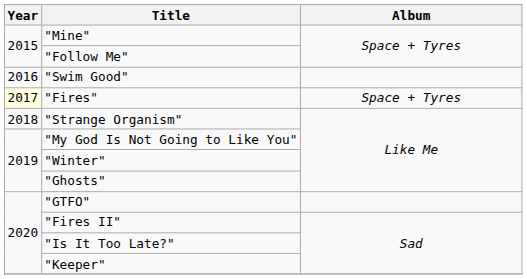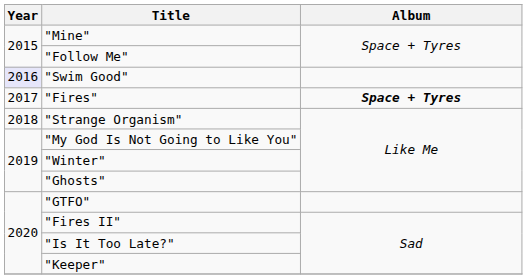 <table class="wikitable" style="text-align:center;">
 <tr>
 <th scope="col">Year</th>
 <th scope="col">Title</th>
 <th scope="col" width="220">Album</th>
 </tr>
 <tr>
 <td rowspan="2">2015</td>
 <td align="left">"Mine"</td>
 <td rowspan="2"><em>Space + Tyres</em></td>
 </tr>
 <tr>
 <td align="left">"Follow Me"</td>
 </tr>
 <tr>
-<td>2016</td>
+<td style="background: lavender;">2016</td>
 <td align="left">"Swim Good"</td>
 <td></td>
 </tr>
 <tr>
-<td style="background: lightyellow;">2017</td>
+<td>2017</td>
 <td align="left">"Fires"</td>
-<td><em>Space + Tyres</em></td>
+<td><strong><em>Space + Tyres</em></strong></td>
 </tr>
 <tr>
 <td>2018</td>
 <td align="left">"Strange Organism"</td>
 <td rowspan="4"><em>Like Me</em></td>
 </tr>
 <tr>
 <td rowspan="3">2019</td>
 <td align="left">"My God Is Not Going to Like You"</td>
 </tr>
 <tr>
 <td align="left">"Winter" </td>
 </tr>
 <tr>
 <td align="left">"Ghosts"</td>
 </tr>
 <tr>
 <td rowspan="4">2020</td>
 <td align="left">"GTFO"</td>
 <td></td>
 </tr>
 <tr>
 <td align="left">"Fires II"</td>
 <td rowspan="3"><em>Sad</em></td>
 </tr>
 <tr>
 <td align="left">"Is It Too Late?"</td>
 </tr>
 <tr>
 <td align="left">"Keeper"</td>
 </tr>
 <tr>
 </tr>
 </table>
